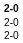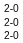 <table style="width:50%;" cellspacing="1">
 <tr>
 <th width=15%></th>
 <th width=10%></th>
 <th width=15%></th>
 </tr>
 <tr>
 </tr>
 <tr style=font-size:90%>
 <td align=right></td>
-<td align=center><strong>2-0</strong></td>
+<td align=center>2-0</td>
 <td></td>
 </tr>
 <tr style=font-size:90%>
 <td align=right></td>
 <td align=center>2-0</td>
 <td></td>
 </tr>
 <tr style=font-size:90%>
 <td align=right></td>
 <td align=center>2-0</td>
 <td></td>
 </tr>
 </table>
